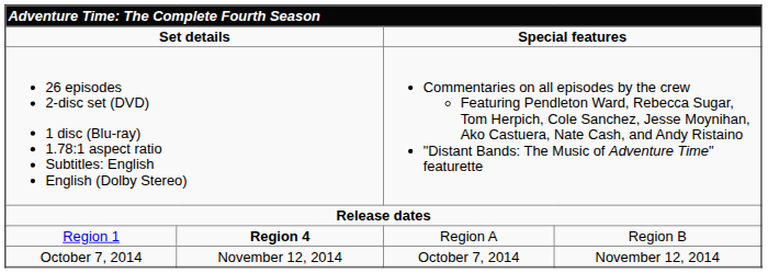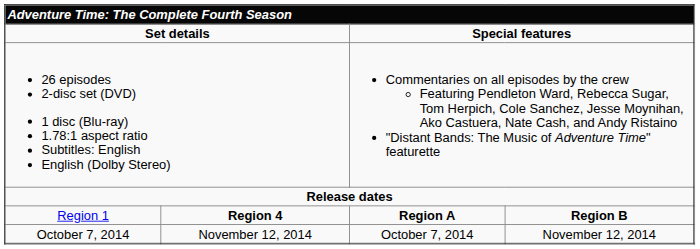 <table border="2" cellpadding="2" cellspacing="0" style="margin: 0 1em 0 0; background: #f9f9f9; border: c00 #aaa solid; border-collapse: collapse; font-size: 95%;">
 <tr style="background:#060606; color:white;">
 <td colspan="4"><strong><em>Adventure Time: The Complete Fourth Season</em></strong></td>
 </tr>
 <tr valign="top">
 <td align="center" width="400" colspan="2"><strong>Set details</strong></td>
 <td align="center" width="400" colspan="2"><strong>Special features</strong></td>
 </tr>
 <tr valign="top">
 <td colspan="2" align="left" width="200"><br><ul><li>26 episodes</li><li>2-disc set (DVD)</li></ul><ul><li>1 disc (Blu-ray)</li><li>1.78:1 aspect ratio</li><li>Subtitles: English</li><li>English (Dolby Stereo)</li></ul></td>
 <td colspan="2" align="left" width="200"><br><ul><li>Commentaries on all episodes by the crew<ul><li>Featuring Pendleton Ward, Rebecca Sugar, Tom Herpich, Cole Sanchez, Jesse Moynihan, Ako Castuera, Nate Cash, and Andy Ristaino</li></ul></li><li>"Distant Bands: The Music of <em>Adventure Time</em>" featurette</li></ul></td>
 </tr>
 <tr>
 <td colspan="4" align="center"><strong>Release dates</strong></td>
 </tr>
 <tr>
 <td align="center"><a href='#'>Region 1</a></td>
 <td align="center"><strong>Region 4</strong></td>
-<td align="center">Region A</td>
-<td align="center">Region B</td>
+<td align="center"><strong>Region A</strong></td>
+<td align="center"><strong>Region B</strong></td>
 </tr>
 <tr>
 <td align="center">October 7, 2014</td>
 <td align="center">November 12, 2014</td>
 <td align="center">October 7, 2014</td>
 <td align="center">November 12, 2014</td>
 </tr>
 </table>
